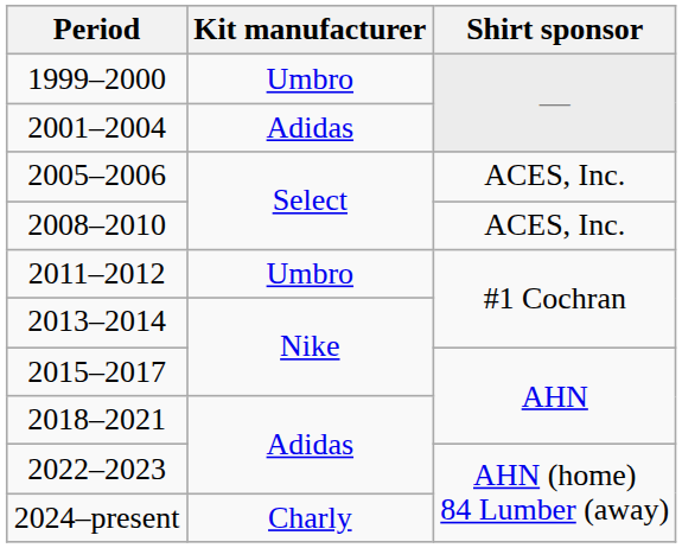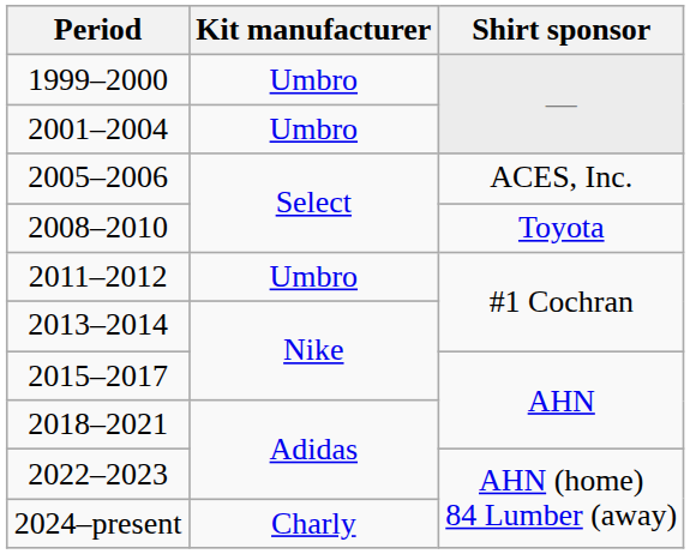 <table class="wikitable" style="text-align:center;margin-left:1em;">
 <tr>
 <th>Period</th>
 <th>Kit manufacturer</th>
 <th>Shirt sponsor</th>
 </tr>
 <tr>
 <td>1999–2000</td>
 <td><a href='#'>Umbro</a></td>
 <td rowspan=2 style="background:#ececec; color:gray">—</td>
 </tr>
 <tr>
 <td>2001–2004</td>
-<td><a href='#'>Adidas</a></td>
+<td><a href='#'>Umbro</a></td>
 </tr>
 <tr>
 <td>2005–2006</td>
 <td rowspan=2><a href='#'>Select</a></td>
 <td>ACES, Inc.</td>
 </tr>
 <tr>
 <td>2008–2010</td>
-<td>ACES, Inc.</td>
+<td><a href='#'>Toyota</a></td>
 </tr>
 <tr>
 <td>2011–2012</td>
 <td><a href='#'>Umbro</a></td>
 <td rowspan=2>#1 Cochran</td>
 </tr>
 <tr>
 <td>2013–2014</td>
 <td rowspan=2><a href='#'>Nike</a></td>
 </tr>
 <tr>
 <td>2015–2017</td>
 <td rowspan=2><a href='#'>AHN</a></td>
 </tr>
 <tr>
 <td>2018–2021</td>
 <td rowspan=2><a href='#'>Adidas</a></td>
 </tr>
 <tr>
 <td>2022–2023</td>
 <td rowspan=2><a href='#'>AHN</a> (home) <br> <a href='#'>84 Lumber</a> (away)</td>
 </tr>
 <tr>
 <td>2024–present</td>
 <td rowspan=2><a href='#'>Charly</a></td>
 </tr>
 </table>
